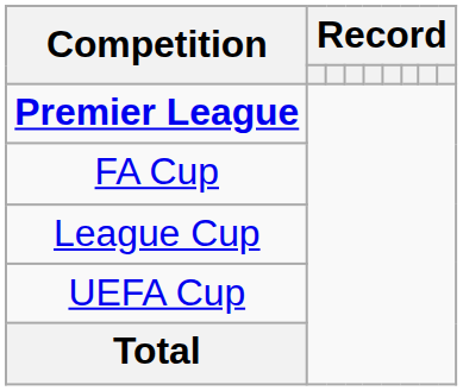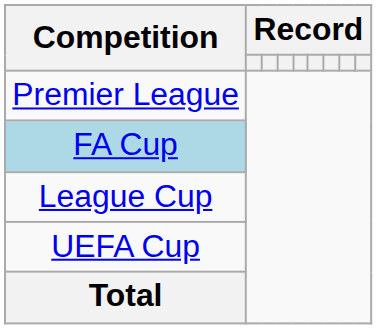 <table class="wikitable" style="text-align: center">
 <tr>
 <th rowspan=2>Competition</th>
 <th colspan=8>Record</th>
 </tr>
 <tr>
 <th></th>
 <th></th>
 <th></th>
 <th></th>
 <th></th>
 <th></th>
 <th></th>
 <th></th>
 </tr>
 <tr>
-<td><strong><a href='#'>Premier League</a><br></strong></td>
+<td><a href='#'>Premier League</a><br></td>
 </tr>
 <tr>
-<td><a href='#'>FA Cup</a><br></td>
+<td style="background: lightblue;"><a href='#'>FA Cup</a><br></td>
 </tr>
 <tr>
 <td><a href='#'>League Cup</a><br></td>
 </tr>
 <tr>
 <td><a href='#'>UEFA Cup</a><br></td>
 </tr>
 <tr>
 <th>Total<br></th>
 </tr>
 </table>
